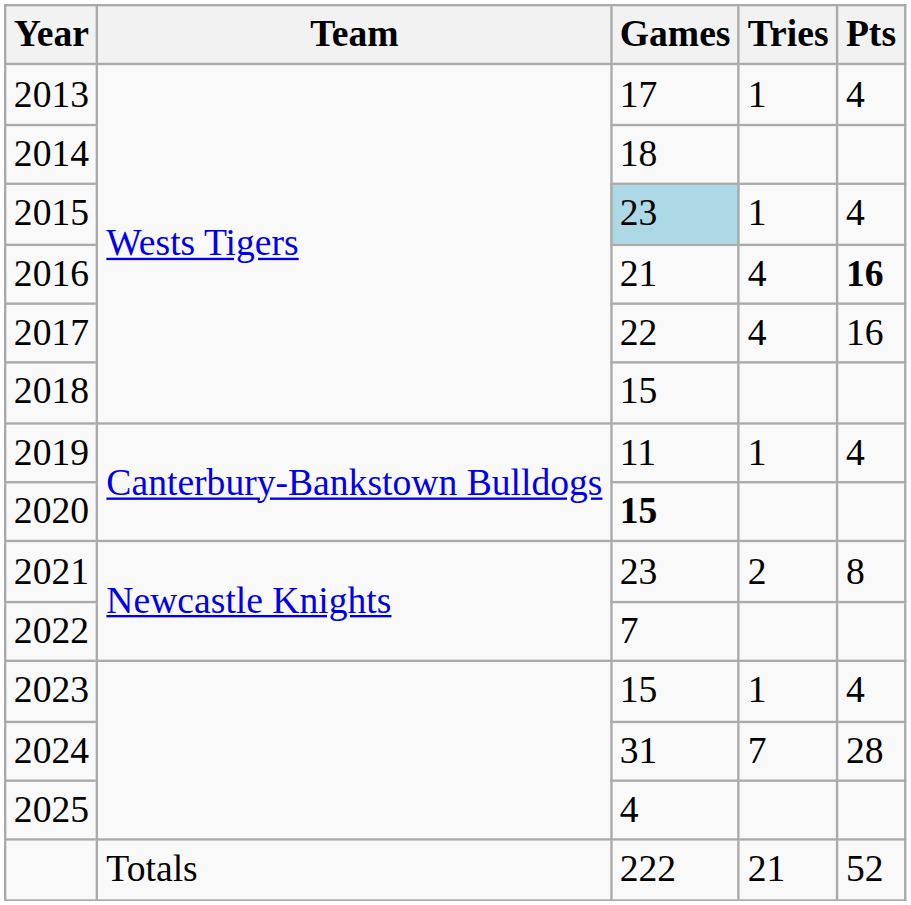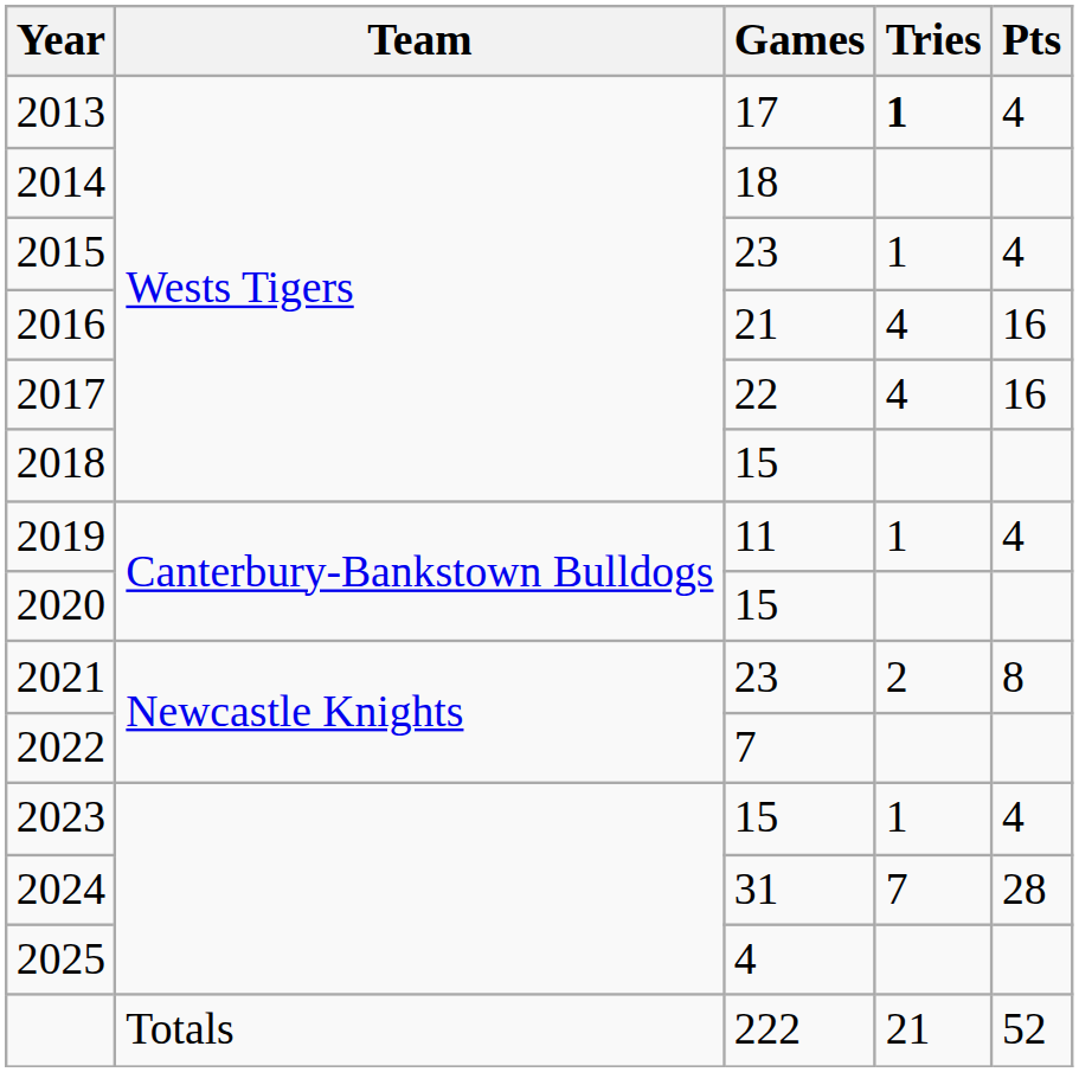 <table class="wikitable">
 <tr>
 <th>Year</th>
 <th>Team</th>
 <th>Games</th>
 <th>Tries</th>
 <th>Pts</th>
 </tr>
 <tr>
 <td>2013</td>
 <td rowspan="6"> <a href='#'>Wests Tigers</a></td>
 <td>17</td>
-<td>1</td>
+<td><strong>1</strong></td>
 <td>4</td>
 </tr>
 <tr>
 <td>2014</td>
 <td>18</td>
 <td></td>
 <td></td>
 </tr>
 <tr>
 <td>2015</td>
-<td style="background: lightblue;">23</td>
+<td>23</td>
 <td>1</td>
 <td>4</td>
 </tr>
 <tr>
 <td>2016</td>
 <td>21</td>
 <td>4</td>
-<td><strong>16</strong></td>
+<td>16</td>
 </tr>
 <tr>
 <td>2017</td>
 <td>22</td>
 <td>4</td>
 <td>16</td>
 </tr>
 <tr>
 <td>2018</td>
 <td>15</td>
 <td></td>
 <td></td>
 </tr>
 <tr>
 <td>2019</td>
 <td rowspan="2"> <a href='#'>Canterbury-Bankstown Bulldogs</a></td>
 <td>11</td>
 <td>1</td>
 <td>4</td>
 </tr>
 <tr>
 <td>2020</td>
-<td><strong>15</strong></td>
+<td>15</td>
 <td></td>
 <td></td>
 </tr>
 <tr>
 <td>2021</td>
 <td rowspan="2"> <a href='#'>Newcastle Knights</a></td>
 <td>23</td>
 <td>2</td>
 <td>8</td>
 </tr>
 <tr>
 <td>2022</td>
 <td>7</td>
 <td></td>
 <td></td>
 </tr>
 <tr>
 <td>2023</td>
 <td rowspan="3"></td>
 <td>15</td>
 <td>1</td>
 <td>4</td>
 </tr>
 <tr>
 <td>2024</td>
 <td>31</td>
 <td>7</td>
 <td>28</td>
 </tr>
 <tr>
 <td>2025</td>
 <td>4</td>
 <td></td>
 <td></td>
 </tr>
 <tr>
 <td></td>
 <td>Totals</td>
 <td>222</td>
 <td>21</td>
 <td>52</td>
 </tr>
 </table>
